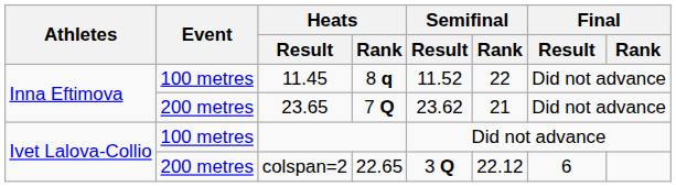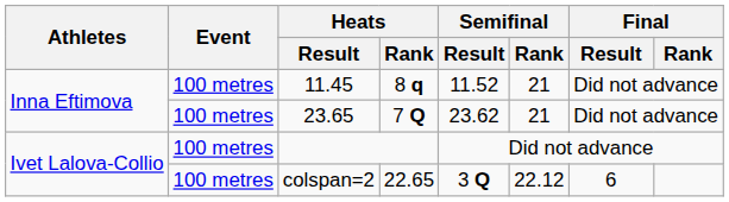 <table class="wikitable" border="1" style="font-size:90%">
 <tr>
 <th rowspan="2">Athletes</th>
 <th rowspan="2">Event</th>
 <th colspan="2">Heats</th>
 <th colspan="2">Semifinal</th>
 <th colspan="2">Final</th>
 </tr>
 <tr>
 <th>Result</th>
 <th>Rank</th>
 <th>Result</th>
 <th>Rank</th>
 <th>Result</th>
 <th>Rank</th>
 </tr>
 <tr>
 <td rowspan=2><a href='#'>Inna Eftimova</a></td>
 <td><a href='#'>100 metres</a></td>
 <td align=center>11.45</td>
 <td align=center>8 <strong>q</strong></td>
 <td align=center>11.52</td>
-<td align=center>22</td>
+<td align=center>21</td>
 <td colspan=2 align=center>Did not advance</td>
 </tr>
 <tr>
-<td><a href='#'>200 metres</a></td>
+<td><a href='#'>100 metres</a></td>
 <td align=center>23.65</td>
 <td align=center>7 <strong>Q</strong></td>
 <td align=center>23.62</td>
 <td align=center>21</td>
 <td colspan=2 align=center>Did not advance</td>
 </tr>
 <tr>
 <td rowspan=2><a href='#'>Ivet Lalova-Collio</a></td>
 <td><a href='#'>100 metres</a></td>
 <td colspan=2 align=center></td>
 <td colspan=4 align=center>Did not advance</td>
 </tr>
 <tr>
-<td><a href='#'>200 metres</a></td>
+<td><a href='#'>100 metres</a></td>
 <td>colspan=2</td>
 <td align=center>22.65</td>
 <td align=center>3 <strong>Q</strong></td>
 <td align=center>22.12</td>
 <td align=center>6</td>
 </tr>
 </table>
